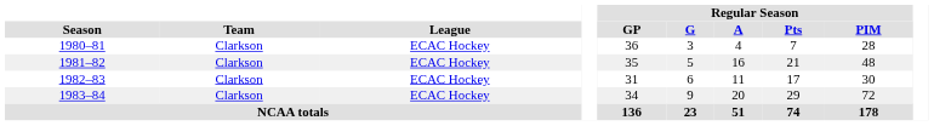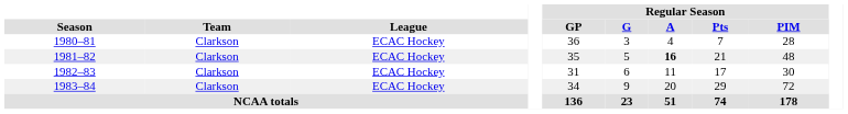 <table border="0" cellpadding="1" cellspacing="0" style="text-align:center; width:70em">
 <tr bgcolor="#e0e0e0">
 <th colspan="3"  bgcolor="#ffffff"> </th>
 <th rowspan="99" bgcolor="#ffffff"> </th>
 <th colspan="5">Regular Season</th>
 <th rowspan="99" bgcolor="#ffffff"> </th>
 </tr>
 <tr bgcolor="#e0e0e0">
 <th>Season</th>
 <th>Team</th>
 <th>League</th>
 <th>GP</th>
 <th><a href='#'>G</a></th>
 <th><a href='#'>A</a></th>
 <th><a href='#'>Pts</a></th>
 <th><a href='#'>PIM</a></th>
 </tr>
 <tr>
 <td><a href='#'>1980–81</a></td>
 <td><a href='#'>Clarkson</a></td>
 <td><a href='#'>ECAC Hockey</a></td>
 <td>36</td>
 <td>3</td>
 <td>4</td>
 <td>7</td>
 <td>28</td>
 </tr>
 <tr bgcolor="f0f0f0">
 <td><a href='#'>1981–82</a></td>
 <td><a href='#'>Clarkson</a></td>
 <td><a href='#'>ECAC Hockey</a></td>
 <td>35</td>
 <td>5</td>
-<td>16</td>
+<td><strong>16</strong></td>
 <td>21</td>
 <td>48</td>
 </tr>
 <tr>
 <td><a href='#'>1982–83</a></td>
 <td><a href='#'>Clarkson</a></td>
 <td><a href='#'>ECAC Hockey</a></td>
 <td>31</td>
 <td>6</td>
 <td>11</td>
 <td>17</td>
 <td>30</td>
 </tr>
 <tr bgcolor="f0f0f0">
 <td><a href='#'>1983–84</a></td>
 <td><a href='#'>Clarkson</a></td>
 <td><a href='#'>ECAC Hockey</a></td>
 <td>34</td>
 <td>9</td>
 <td>20</td>
 <td>29</td>
 <td>72</td>
 </tr>
 <tr bgcolor="#e0e0e0">
 <th colspan="3">NCAA totals</th>
 <th>136</th>
 <th>23</th>
 <th>51</th>
 <th>74</th>
 <th>178</th>
 </tr>
 </table>
